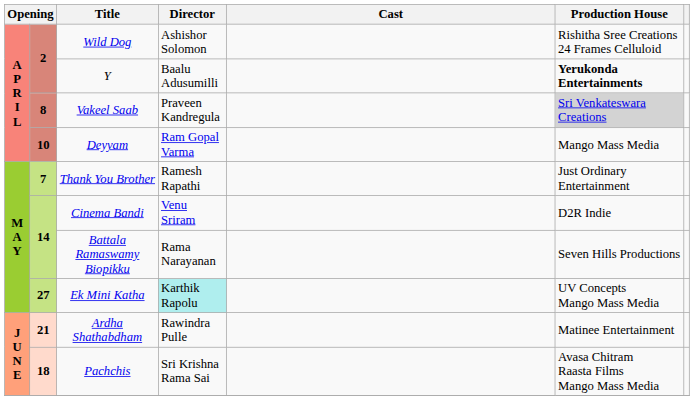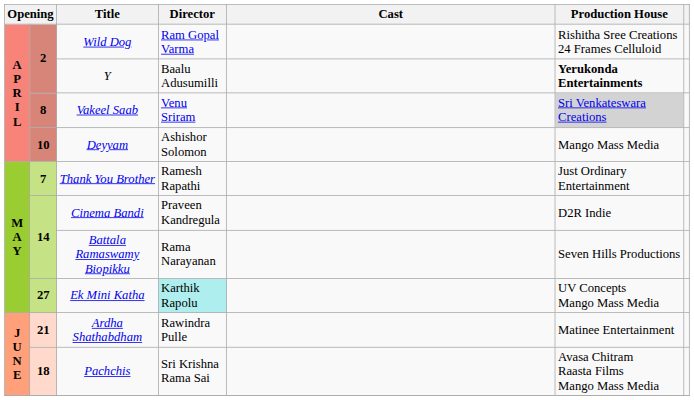 <table class="wikitable sortable">
 <tr style="background:#blue; text-align:center;">
 <th colspan="2" style="width:6%;">Opening</th>
 <th style="width:15%;">Title</th>
 <th style="width:10%;">Director</th>
 <th style="width:50%;">Cast</th>
 <th style="width:25%;">Production House</th>
 <th style="width:1%;"></th>
 </tr>
 <tr April!>
 <td rowspan="4" style="text-align:center;  background:#F88379; textcolor:#000;"><strong>A<br>P<br>R<br>I<br>L</strong></td>
 <td rowspan="2" style="text-align:center;background:#D88579;"><strong>2</strong></td>
 <td style="text-align:center;"><em><a href='#'>Wild Dog</a></em></td>
-<td>Ashishor Solomon</td>
+<td><a href='#'>Ram Gopal Varma</a></td>
 <td></td>
 <td>Rishitha Sree Creations<br>24 Frames Celluloid</td>
 <td></td>
 </tr>
 <tr>
 <td style="text-align:center;"><em>Y</em></td>
 <td>Baalu Adusumilli</td>
 <td></td>
 <td><strong>Yerukonda Entertainments</strong></td>
 <td></td>
 </tr>
 <tr>
 <td style="text-align:center;background:#D88579;"><strong>8</strong></td>
 <td style="text-align:center;"><em><a href='#'>Vakeel Saab</a></em></td>
-<td>Praveen Kandregula</td>
+<td><a href='#'>Venu Sriram</a></td>
 <td></td>
 <td style="background: lightgrey;"><a href='#'>Sri Venkateswara Creations</a></td>
 <td></td>
 </tr>
 <tr>
 <td style="text-align:center;background:#D88579;"><strong>10</strong></td>
 <td style="text-align:center;"><a href='#'><em>Deyyam</em></a></td>
-<td><a href='#'>Ram Gopal Varma</a></td>
+<td>Ashishor Solomon</td>
 <td></td>
 <td>Mango Mass Media</td>
 <td></td>
 </tr>
 <tr May>
 <td rowspan="4" style="text-align:center; background:	#9ACD32; textcolor:#000;"><strong>M<br>A<br>Y</strong></td>
 <td style="text-align:center; background:#C5E384"><strong>7</strong></td>
 <td style="text-align:center;"><em><a href='#'>Thank You Brother</a></em></td>
 <td>Ramesh Rapathi</td>
 <td></td>
 <td>Just Ordinary Entertainment</td>
 <td></td>
 </tr>
 <tr>
 <td rowspan="2" style="text-align:center; background:#C5E384"><strong>14</strong></td>
 <td style="text-align:center;"><em><a href='#'>Cinema Bandi</a></em></td>
-<td><a href='#'>Venu Sriram</a></td>
+<td>Praveen Kandregula</td>
 <td></td>
 <td>D2R Indie</td>
 <td></td>
 </tr>
 <tr>
 <td style="text-align:center;"><em><a href='#'>Battala Ramaswamy Biopikku</a></em></td>
 <td>Rama Narayanan</td>
 <td></td>
 <td>Seven Hills Productions</td>
 <td></td>
 </tr>
 <tr>
 <td style="text-align:center; background:#C5E384"><strong>27</strong></td>
 <td style="text-align:center;"><em><a href='#'>Ek Mini Katha</a></em></td>
 <td style="background: paleturquoise;">Karthik Rapolu</td>
 <td></td>
 <td>UV Concepts<br>Mango Mass Media</td>
 <td></td>
 </tr>
 <tr June!>
 <td rowspan="2" style="text-align:center; background:#ffa07a; textcolor:#000;"><strong>J<br>U<br>N<br>E</strong></td>
 <td style="text-align:center; background:#ffdacc;"><strong>21</strong></td>
 <td style="text-align:center;"><em><a href='#'>Ardha Shathabdham</a></em></td>
 <td>Rawindra Pulle</td>
 <td></td>
 <td>Matinee Entertainment</td>
 <td></td>
 </tr>
 <tr>
 <td style="text-align:center; background:#ffdacc;"><strong>18</strong></td>
 <td style="text-align:center;"><em><a href='#'>Pachchis</a></em></td>
 <td>Sri Krishna<br>Rama Sai</td>
 <td></td>
 <td>Avasa Chitram<br>Raasta Films<br>Mango Mass Media</td>
 <td></td>
 </tr>
 <tr>
 </tr>
 </table>
